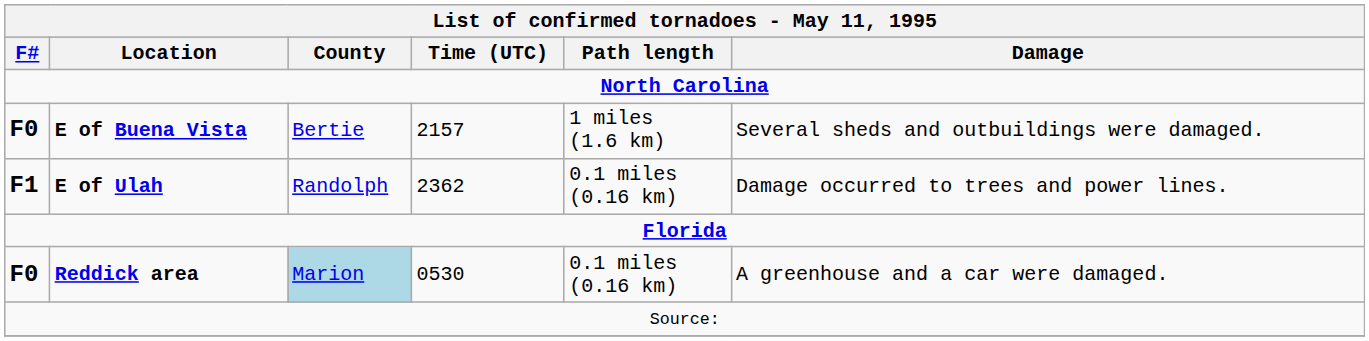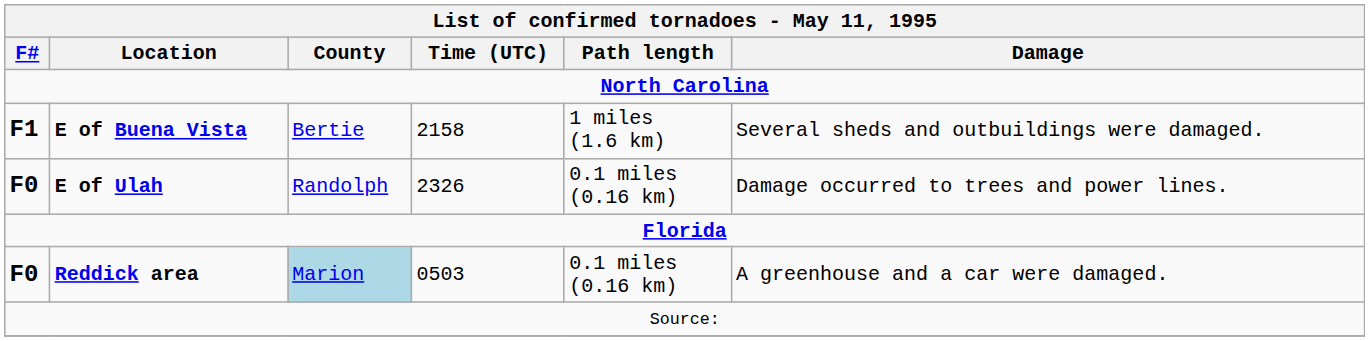 <table class="wikitable collapsible" width="100%">
 <tr>
 <th colspan="6">List of confirmed tornadoes - May 11, 1995</th>
 </tr>
 <tr>
 <th><a href='#'>F#</a></th>
 <th>Location</th>
 <th>County</th>
 <th>Time (UTC)</th>
 <th>Path length</th>
 <th>Damage</th>
 </tr>
 <tr>
 <td colspan="7" align=center><strong><a href='#'>North Carolina</a></strong></td>
 </tr>
 <tr>
-<td><big><strong>F0</strong></big></td>
+<td><big><strong>F1</strong></big></td>
 <td><strong>E of <a href='#'>Buena Vista</a></strong></td>
 <td><a href='#'>Bertie</a></td>
-<td>2157</td>
+<td>2158</td>
 <td>1 miles <br> (1.6 km)</td>
 <td>Several sheds and outbuildings were damaged.</td>
 </tr>
 <tr>
-<td><big><strong>F1</strong></big></td>
+<td><big><strong>F0</strong></big></td>
 <td><strong>E of <a href='#'>Ulah</a></strong></td>
 <td><a href='#'>Randolph</a></td>
-<td>2362</td>
+<td>2326</td>
 <td>0.1 miles <br> (0.16 km)</td>
 <td>Damage occurred to trees and power lines.</td>
 </tr>
 <tr>
 <td colspan="7" align=center><strong><a href='#'>Florida</a></strong></td>
 </tr>
 <tr>
 <td><big><strong>F0</strong></big></td>
 <td><strong><a href='#'>Reddick</a> area</strong></td>
 <td style="background: lightblue;"><a href='#'>Marion</a></td>
-<td>0530</td>
+<td>0503</td>
 <td>0.1 miles <br> (0.16 km)</td>
 <td>A greenhouse and a car were damaged.</td>
 </tr>
 <tr>
 <td colspan="7" align=center><small>Source:  </small></td>
 </tr>
 <tr>
 </tr>
 </table>
